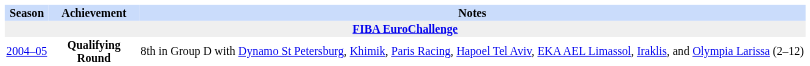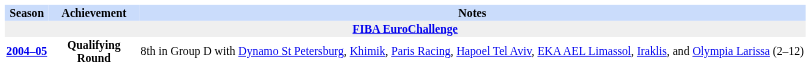 <table class="toccolours" border="0" cellpadding="2" cellspacing="0" align="left" style="margin:0.5em;">
 <tr bgcolor=#CADCFB>
 <th>Season</th>
 <th style="width:120px;">Achievement</th>
 <th>Notes</th>
 </tr>
 <tr>
 <th colspan="4" bgcolor=#EFEFEF><a href='#'>FIBA EuroChallenge</a></th>
 </tr>
 <tr>
-<td align="center"><a href='#'>2004–05</a></td>
+<td align="center"><strong><a href='#'>2004–05</a></strong></td>
 <td align="center"><strong>Qualifying Round</strong></td>
 <td align="left">8th in Group D with <a href='#'>Dynamo St Petersburg</a>, <a href='#'>Khimik</a>, <a href='#'>Paris Racing</a>, <a href='#'>Hapoel Tel Aviv</a>, <a href='#'>EKA AEL Limassol</a>, <a href='#'>Iraklis</a>, and <a href='#'>Olympia Larissa</a> (2–12)</td>
 </tr>
 </table>
